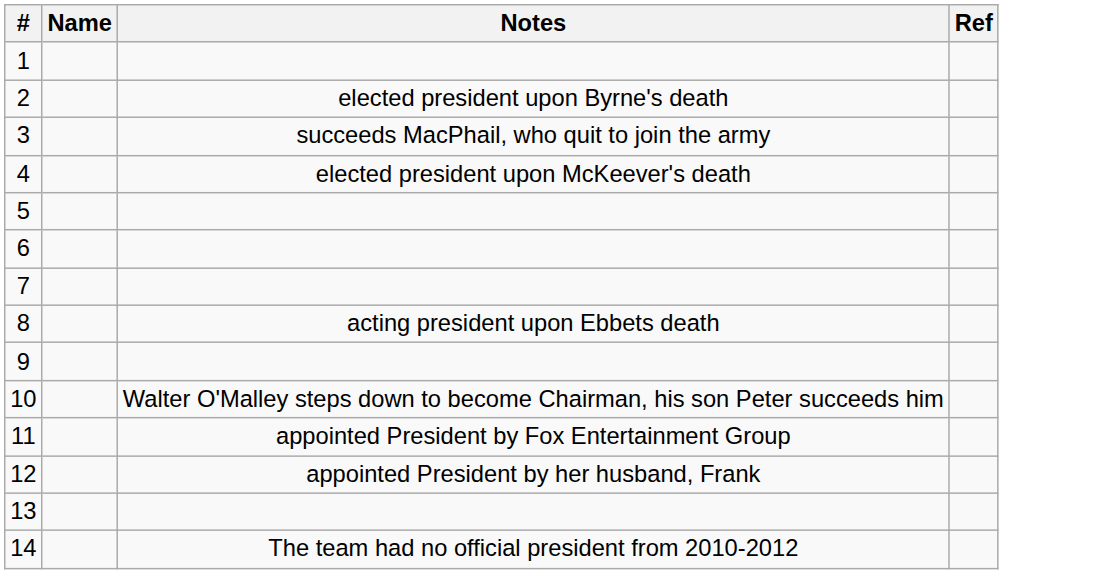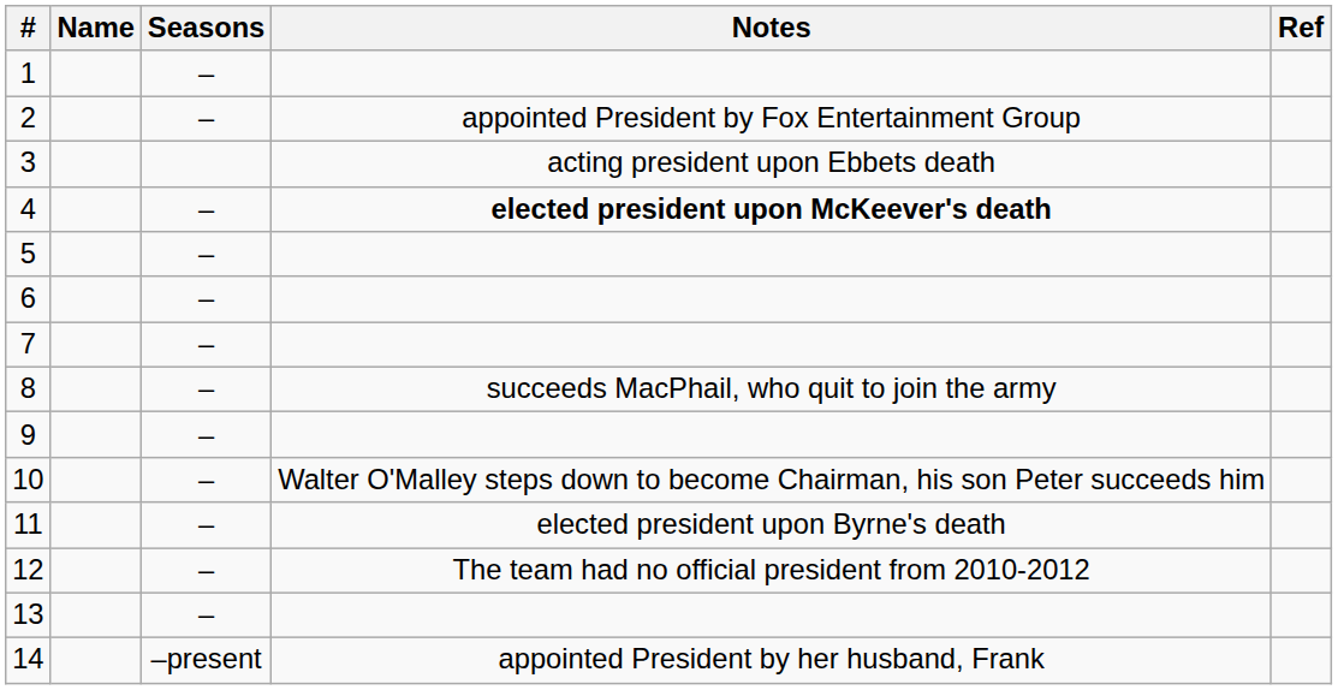 <table class="wikitable sortable" style="text-align:center">
 <tr>
 <th class="unsortable">#</th>
 <th>Name</th>
+<th>Seasons</th>
 <th class="unsortable">Notes</th>
 <th class="unsortable">Ref</th>
 </tr>
 <tr>
 <td>1</td>
 <td></td>
+<td>–</td>
 <td></td>
 <td></td>
 </tr>
 <tr>
 <td>2</td>
 <td></td>
-<td>elected president upon Byrne's death</td>
+<td>–</td>
+<td>appointed President by Fox Entertainment Group</td>
 <td></td>
 </tr>
 <tr>
 <td>3</td>
 <td></td>
-<td>succeeds MacPhail, who quit to join the army</td>
+<td></td>
+<td>acting president upon Ebbets death</td>
 <td></td>
 </tr>
 <tr>
 <td>4</td>
 <td></td>
-<td>elected president upon McKeever's death</td>
+<td>–</td>
+<td><strong>elected president upon McKeever's death</strong></td>
 <td></td>
 </tr>
 <tr>
 <td>5</td>
 <td></td>
+<td>–</td>
 <td></td>
 <td></td>
 </tr>
 <tr>
 <td>6</td>
 <td></td>
+<td>–</td>
 <td></td>
 <td></td>
 </tr>
 <tr>
 <td>7</td>
 <td></td>
+<td>–</td>
 <td></td>
 <td></td>
 </tr>
 <tr>
 <td>8</td>
 <td></td>
-<td>acting president upon Ebbets death</td>
+<td>–</td>
+<td>succeeds MacPhail, who quit to join the army</td>
 <td></td>
 </tr>
 <tr>
 <td>9</td>
 <td></td>
+<td>–</td>
 <td></td>
 <td></td>
 </tr>
 <tr>
 <td>10</td>
 <td></td>
+<td>–</td>
 <td>Walter O'Malley steps down to become Chairman, his son Peter succeeds him</td>
 <td></td>
 </tr>
 <tr>
 <td>11</td>
 <td></td>
-<td>appointed President by Fox Entertainment Group</td>
+<td>–</td>
+<td>elected president upon Byrne's death</td>
 <td></td>
 </tr>
 <tr>
 <td>12</td>
 <td></td>
-<td>appointed President by her husband, Frank</td>
+<td>–</td>
+<td>The team had no official president from 2010-2012</td>
 <td></td>
 </tr>
 <tr>
 <td>13</td>
 <td></td>
+<td>–</td>
 <td></td>
 <td></td>
 </tr>
 <tr>
 <td>14</td>
 <td></td>
-<td>The team had no official president from 2010-2012</td>
+<td>–present</td>
+<td>appointed President by her husband, Frank</td>
 <td></td>
 </tr>
 </table>
